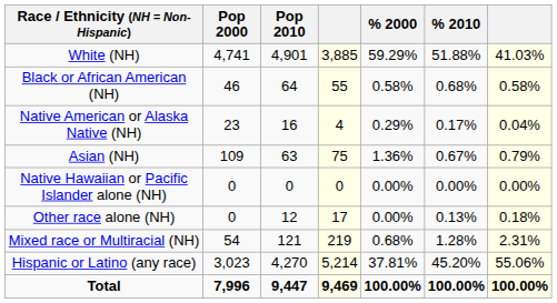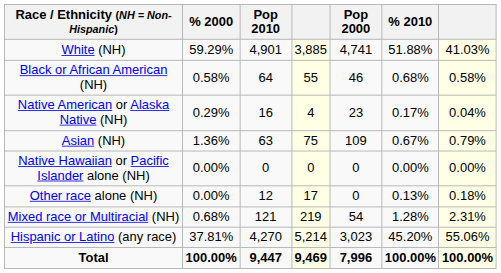 <table class="wikitable" style="text-align:center;">
 <tr>
 <th>Race / Ethnicity <small>(<em>NH = Non-Hispanic</em>)</small></th>
-<th>Pop 2000</th>
+<th>% 2000</th>
 <th>Pop 2010</th>
 <th></th>
-<th>% 2000</th>
+<th>Pop 2000</th>
 <th>% 2010</th>
 <th></th>
 </tr>
 <tr>
 <td><a href='#'>White</a> (NH)</td>
-<td>4,741</td>
+<td>59.29%</td>
 <td>4,901</td>
 <td style='background: #ffffe6;'>3,885</td>
-<td>59.29%</td>
+<td>4,741</td>
 <td>51.88%</td>
 <td style='background: #ffffe6;'>41.03%</td>
 </tr>
 <tr>
 <td><a href='#'>Black or African American</a> (NH)</td>
-<td>46</td>
+<td>0.58%</td>
 <td>64</td>
 <td style='background: #ffffe6;'>55</td>
-<td>0.58%</td>
+<td>46</td>
 <td>0.68%</td>
 <td style='background: #ffffe6;'>0.58%</td>
 </tr>
 <tr>
 <td><a href='#'>Native American</a> or <a href='#'>Alaska Native</a> (NH)</td>
-<td>23</td>
+<td>0.29%</td>
 <td>16</td>
 <td style='background: #ffffe6;'>4</td>
-<td>0.29%</td>
+<td>23</td>
 <td>0.17%</td>
 <td style='background: #ffffe6;'>0.04%</td>
 </tr>
 <tr>
 <td><a href='#'>Asian</a> (NH)</td>
-<td>109</td>
+<td>1.36%</td>
 <td>63</td>
 <td style='background: #ffffe6;'>75</td>
-<td>1.36%</td>
+<td>109</td>
 <td>0.67%</td>
 <td style='background: #ffffe6;'>0.79%</td>
 </tr>
 <tr>
 <td><a href='#'>Native Hawaiian</a> or <a href='#'>Pacific Islander</a> alone (NH)</td>
-<td>0</td>
+<td>0.00%</td>
 <td>0</td>
 <td style='background: #ffffe6;'>0</td>
-<td>0.00%</td>
+<td>0</td>
 <td>0.00%</td>
 <td style='background: #ffffe6;'>0.00%</td>
 </tr>
 <tr>
 <td><a href='#'>Other race</a> alone (NH)</td>
-<td>0</td>
+<td>0.00%</td>
 <td>12</td>
 <td style='background: #ffffe6;'>17</td>
-<td>0.00%</td>
+<td>0</td>
 <td>0.13%</td>
 <td style='background: #ffffe6;'>0.18%</td>
 </tr>
 <tr>
 <td><a href='#'>Mixed race or Multiracial</a> (NH)</td>
-<td>54</td>
+<td>0.68%</td>
 <td>121</td>
 <td style='background: #ffffe6;'>219</td>
-<td>0.68%</td>
+<td>54</td>
 <td>1.28%</td>
 <td style='background: #ffffe6;'>2.31%</td>
 </tr>
 <tr>
 <td><a href='#'>Hispanic or Latino</a> (any race)</td>
-<td>3,023</td>
+<td>37.81%</td>
 <td>4,270</td>
 <td style='background: #ffffe6;'>5,214</td>
-<td>37.81%</td>
+<td>3,023</td>
 <td>45.20%</td>
 <td style='background: #ffffe6;'>55.06%</td>
 </tr>
 <tr>
 <td><strong>Total</strong></td>
-<td><strong>7,996</strong></td>
+<td><strong>100.00%</strong></td>
 <td><strong>9,447</strong></td>
 <td style='background: #ffffe6;'><strong>9,469</strong></td>
-<td><strong>100.00%</strong></td>
+<td><strong>7,996</strong></td>
 <td><strong>100.00%</strong></td>
 <td style='background: #ffffe6;'><strong>100.00%</strong></td>
 </tr>
 </table>
